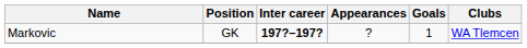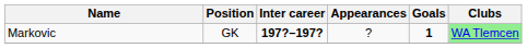 <table class="wikitable sortable" style="text-align: center;">
 <tr>
 <th style="width:16em">Name</th>
 <th>Position</th>
 <th>Inter career</th>
 <th>Appearances</th>
 <th>Goals</th>
 <th>Clubs</th>
 </tr>
 <tr>
 <td align="left">Markovic</td>
 <td>GK</td>
 <td><strong>197?–197?</strong></td>
 <td>?</td>
-<td>1</td>
-<td><a href='#'>WA Tlemcen</a></td>
+<td><strong>1</strong></td>
+<td style="background: lightgreen;"><a href='#'>WA Tlemcen</a></td>
 </tr>
 <tr>
 </tr>
 </table>
